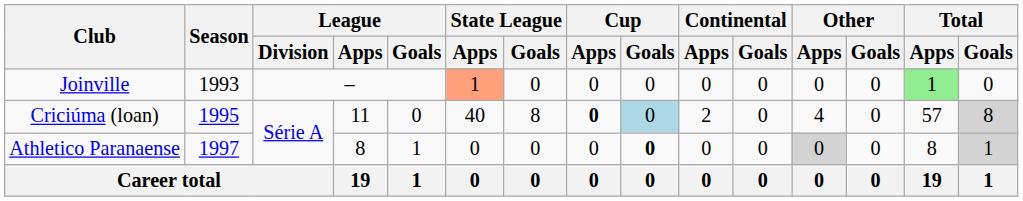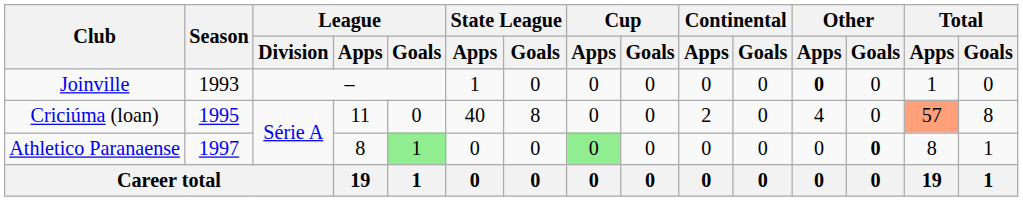 <table class="wikitable" style="text-align: center">
 <tr>
 <th rowspan="2">Club</th>
 <th rowspan="2">Season</th>
 <th colspan="3">League</th>
 <th colspan="2">State League</th>
 <th colspan="2">Cup</th>
 <th colspan="2">Continental</th>
 <th colspan="2">Other</th>
 <th colspan="2">Total</th>
 </tr>
 <tr>
 <th>Division</th>
 <th>Apps</th>
 <th>Goals</th>
 <th>Apps</th>
 <th>Goals</th>
 <th>Apps</th>
 <th>Goals</th>
 <th>Apps</th>
 <th>Goals</th>
 <th>Apps</th>
 <th>Goals</th>
 <th>Apps</th>
 <th>Goals</th>
 </tr>
 <tr>
 <td><a href='#'>Joinville</a></td>
 <td>1993</td>
 <td colspan="3">–</td>
-<td style="background: lightsalmon;">1</td>
+<td>1</td>
 <td>0</td>
 <td>0</td>
 <td>0</td>
 <td>0</td>
 <td>0</td>
+<td><strong>0</strong></td>
 <td>0</td>
-<td>0</td>
-<td style="background: lightgreen;">1</td>
+<td>1</td>
 <td>0</td>
 </tr>
 <tr>
 <td><a href='#'>Criciúma</a> (loan)</td>
 <td><a href='#'>1995</a></td>
 <td rowspan="2"><a href='#'>Série A</a></td>
 <td>11</td>
 <td>0</td>
 <td>40</td>
 <td>8</td>
-<td><strong>0</strong></td>
-<td style="background: lightblue;">0</td>
+<td>0</td>
+<td>0</td>
 <td>2</td>
 <td>0</td>
 <td>4</td>
 <td>0</td>
-<td>57</td>
-<td style="background: lightgrey;">8</td>
+<td style="background: lightsalmon;">57</td>
+<td>8</td>
 </tr>
 <tr>
 <td><a href='#'>Athletico Paranaense</a></td>
 <td><a href='#'>1997</a></td>
 <td>8</td>
-<td>1</td>
+<td style="background: lightgreen;">1</td>
+<td>0</td>
+<td>0</td>
+<td style="background: lightgreen;">0</td>
+<td>0</td>
 <td>0</td>
 <td>0</td>
 <td>0</td>
 <td><strong>0</strong></td>
-<td>0</td>
-<td>0</td>
-<td style="background: lightgrey;">0</td>
-<td>0</td>
 <td>8</td>
-<td style="background: lightgrey;">1</td>
+<td>1</td>
 </tr>
 <tr>
 <th colspan="3"><strong>Career total</strong></th>
 <th>19</th>
 <th>1</th>
 <th>0</th>
 <th>0</th>
 <th>0</th>
 <th>0</th>
 <th>0</th>
 <th>0</th>
 <th>0</th>
 <th>0</th>
 <th>19</th>
 <th>1</th>
 </tr>
 </table>
